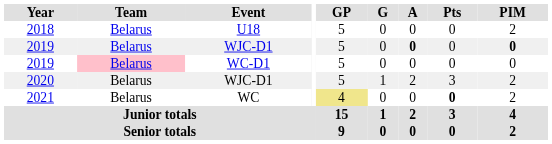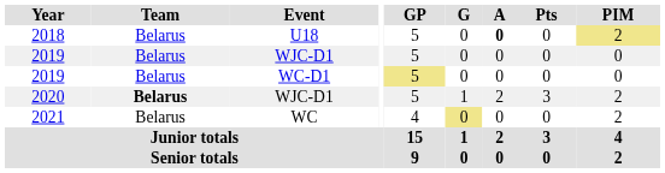 <table border="0" cellpadding="1" cellspacing="0" ID="Table3" style="text-align:center; width:40em">
 <tr bgcolor="#e0e0e0">
 <th>Year</th>
 <th>Team</th>
 <th>Event</th>
 <th rowspan="102" bgcolor="#ffffff"></th>
 <th>GP</th>
 <th>G</th>
 <th>A</th>
 <th>Pts</th>
 <th>PIM</th>
 </tr>
 <tr>
 <td><a href='#'>2018</a></td>
 <td><a href='#'>Belarus</a></td>
 <td><a href='#'>U18</a></td>
 <td>5</td>
 <td>0</td>
+<td><strong>0</strong></td>
 <td>0</td>
-<td>0</td>
-<td>2</td>
+<td style="background: khaki;">2</td>
 </tr>
 <tr bgcolor="#f0f0f0">
 <td><a href='#'>2019</a></td>
 <td><a href='#'>Belarus</a></td>
 <td><a href='#'>WJC-D1</a></td>
 <td>5</td>
 <td>0</td>
-<td><strong>0</strong></td>
 <td>0</td>
-<td><strong>0</strong></td>
+<td>0</td>
+<td>0</td>
 </tr>
 <tr>
 <td><a href='#'>2019</a></td>
-<td style="background: pink;"><a href='#'>Belarus</a></td>
+<td><a href='#'>Belarus</a></td>
 <td><a href='#'>WC-D1</a></td>
-<td>5</td>
+<td style="background: khaki;">5</td>
 <td>0</td>
 <td>0</td>
 <td>0</td>
 <td>0</td>
 </tr>
 <tr bgcolor="#f0f0f0">
 <td><a href='#'>2020</a></td>
-<td>Belarus</td>
+<td><strong>Belarus</strong></td>
 <td>WJC-D1</td>
 <td>5</td>
 <td>1</td>
 <td>2</td>
 <td>3</td>
 <td>2</td>
 </tr>
 <tr>
 <td><a href='#'>2021</a></td>
 <td>Belarus</td>
 <td>WC</td>
-<td style="background: khaki;">4</td>
+<td>4</td>
+<td style="background: khaki;">0</td>
 <td>0</td>
 <td>0</td>
-<td><strong>0</strong></td>
 <td>2</td>
 </tr>
 <tr bgcolor="#e0e0e0">
 <th colspan="4">Junior totals</th>
 <th>15</th>
 <th>1</th>
 <th>2</th>
 <th>3</th>
 <th>4</th>
 </tr>
 <tr bgcolor="#e0e0e0">
 <th colspan="4">Senior totals</th>
 <th>9</th>
 <th>0</th>
 <th>0</th>
 <th>0</th>
 <th>2</th>
 </tr>
 </table>
